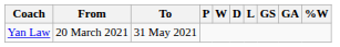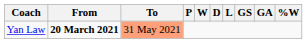 <table class="wikitable sortable" style="text-align: center">
 <tr>
 <th>Coach</th>
 <th class="unsortable">From</th>
 <th class="unsortable">To</th>
 <th abbr="1">P</th>
 <th abbr="1">W</th>
 <th abbr="0">D</th>
 <th abbr="1">L</th>
 <th abbr="2">GS</th>
 <th abbr="4">GA</th>
 <th abbr="00">%W</th>
 </tr>
 <tr>
 <td align=left> <a href='#'>Yan Law</a></td>
-<td align=left>20 March 2021</td>
-<td align=left>31 May 2021<br></td>
+<td align=left><strong>20 March 2021</strong></td>
+<td align=left style="background: lightsalmon;">31 May 2021<br></td>
 </tr>
 </table>
